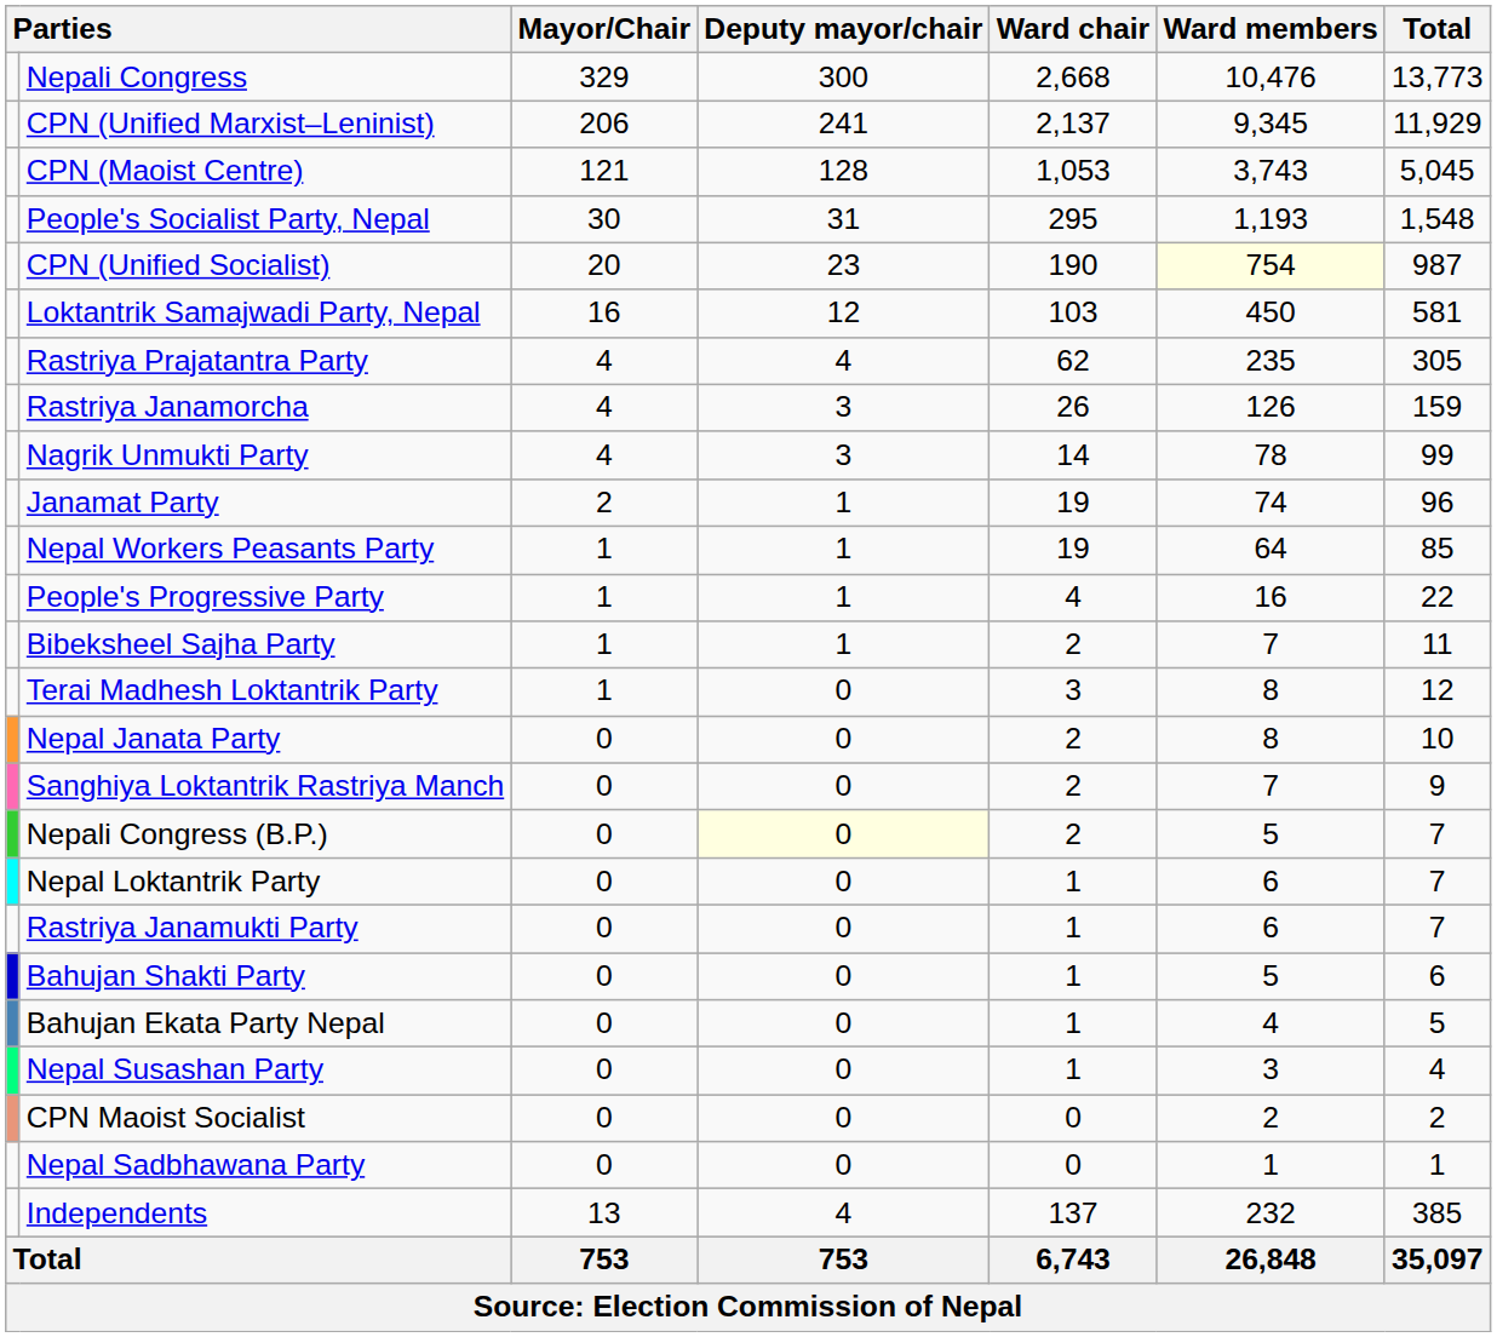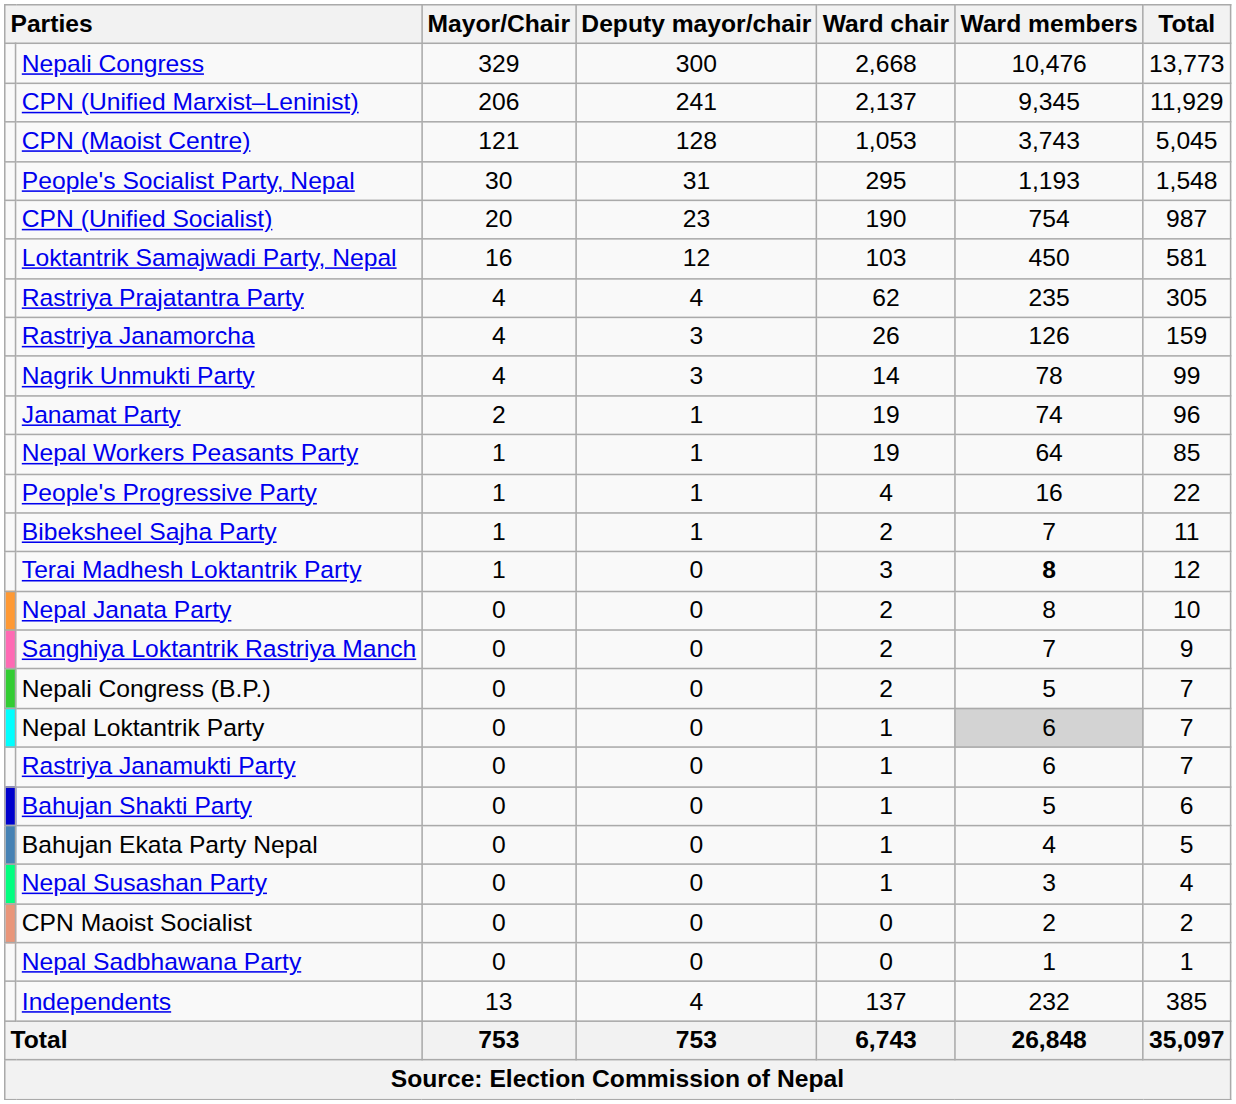 <table class="wikitable sortable" style="text-align:right">
 <tr>
 <th colspan="2" style="text-align:left;">Parties</th>
 <th>Mayor/Chair</th>
 <th>Deputy mayor/chair</th>
 <th>Ward chair</th>
 <th>Ward members</th>
 <th>Total</th>
 </tr>
 <tr>
 <td style="background-color:"></td>
 <td style="text-align:left;"><a href='#'>Nepali Congress</a></td>
 <td style="text-align:center;">329</td>
 <td style="text-align:center;">300</td>
 <td style="text-align:center;">2,668</td>
 <td style="text-align:center;">10,476</td>
 <td style="text-align:center;">13,773</td>
 </tr>
 <tr>
 <td style="background-color:"></td>
 <td style="text-align:left;"><a href='#'>CPN (Unified Marxist–Leninist)</a></td>
 <td style="text-align:center;">206</td>
 <td style="text-align:center;">241</td>
 <td style="text-align:center;">2,137</td>
 <td style="text-align:center;">9,345</td>
 <td style="text-align:center;">11,929</td>
 </tr>
 <tr>
 <td style="background-color:"></td>
 <td style="text-align:left;"><a href='#'>CPN (Maoist Centre)</a></td>
 <td style="text-align:center;">121</td>
 <td style="text-align:center;">128</td>
 <td style="text-align:center;">1,053</td>
 <td style="text-align:center;">3,743</td>
 <td style="text-align:center;">5,045</td>
 </tr>
 <tr>
 <td></td>
 <td style="text-align:left;"><a href='#'>People's Socialist Party, Nepal</a></td>
 <td style="text-align:center;">30</td>
 <td style="text-align:center;">31</td>
 <td style="text-align:center;">295</td>
 <td style="text-align:center;">1,193</td>
 <td style="text-align:center;">1,548</td>
 </tr>
 <tr>
 <td style="background-color:"></td>
 <td style="text-align:left;"><a href='#'>CPN (Unified Socialist)</a></td>
 <td style="text-align:center;">20</td>
 <td style="text-align:center;">23</td>
 <td style="text-align:center;">190</td>
-<td style="background: lightyellow; text-align:center;">754</td>
+<td style="text-align:center;">754</td>
 <td style="text-align:center;">987</td>
 </tr>
 <tr>
 <td></td>
 <td style="text-align:left;"><a href='#'>Loktantrik Samajwadi Party, Nepal</a></td>
 <td style="text-align:center;">16</td>
 <td style="text-align:center;">12</td>
 <td style="text-align:center;">103</td>
 <td style="text-align:center;">450</td>
 <td style="text-align:center;">581</td>
 </tr>
 <tr>
 <td style="background-color:"></td>
 <td style="text-align:left;"><a href='#'>Rastriya Prajatantra Party</a></td>
 <td style="text-align:center;">4</td>
 <td style="text-align:center;">4</td>
 <td style="text-align:center;">62</td>
 <td style="text-align:center;">235</td>
 <td style="text-align:center;">305</td>
 </tr>
 <tr>
 <td></td>
 <td style="text-align:left;"><a href='#'>Rastriya Janamorcha</a></td>
 <td style="text-align:center;">4</td>
 <td style="text-align:center;">3</td>
 <td style="text-align:center;">26</td>
 <td style="text-align:center;">126</td>
 <td style="text-align:center;">159</td>
 </tr>
 <tr>
 <td style="background-color:"></td>
 <td style="text-align:left;"><a href='#'>Nagrik Unmukti Party</a></td>
 <td style="text-align:center;">4</td>
 <td style="text-align:center;">3</td>
 <td style="text-align:center;">14</td>
 <td style="text-align:center;">78</td>
 <td style="text-align:center;">99</td>
 </tr>
 <tr>
 <td style="background-color:"></td>
 <td style="text-align:left;"><a href='#'>Janamat Party</a></td>
 <td style="text-align:center;">2</td>
 <td style="text-align:center;">1</td>
 <td style="text-align:center;">19</td>
 <td style="text-align:center;">74</td>
 <td style="text-align:center;">96</td>
 </tr>
 <tr>
 <td style="background-color:"></td>
 <td style="text-align:left;"><a href='#'>Nepal Workers Peasants Party</a></td>
 <td style="text-align:center;">1</td>
 <td style="text-align:center;">1</td>
 <td style="text-align:center;">19</td>
 <td style="text-align:center;">64</td>
 <td style="text-align:center;">85</td>
 </tr>
 <tr>
 <td></td>
 <td style="text-align:left;"><a href='#'>People's Progressive Party</a></td>
 <td style="text-align:center;">1</td>
 <td style="text-align:center;">1</td>
 <td style="text-align:center;">4</td>
 <td style="text-align:center;">16</td>
 <td style="text-align:center;">22</td>
 </tr>
 <tr>
 <td style="background-color:"></td>
 <td style="text-align:left;"><a href='#'>Bibeksheel Sajha Party</a></td>
 <td style="text-align:center;">1</td>
 <td style="text-align:center;">1</td>
 <td style="text-align:center;">2</td>
 <td style="text-align:center;">7</td>
 <td style="text-align:center;">11</td>
 </tr>
 <tr>
 <td></td>
 <td style="text-align:left;"><a href='#'>Terai Madhesh Loktantrik Party</a></td>
 <td style="text-align:center;">1</td>
 <td style="text-align:center;">0</td>
 <td style="text-align:center;">3</td>
-<td style="text-align:center;">8</td>
+<td style="text-align:center;"><strong>8</strong></td>
 <td style="text-align:center;">12</td>
 </tr>
 <tr>
 <td style="background-color:#ff9933"></td>
 <td style="text-align:left;"><a href='#'>Nepal Janata Party</a></td>
 <td style="text-align:center;">0</td>
 <td style="text-align:center;">0</td>
 <td style="text-align:center;">2</td>
 <td style="text-align:center;">8</td>
 <td style="text-align:center;">10</td>
 </tr>
 <tr>
 <td style="background-color:hotpink"></td>
 <td style="text-align:left;"><a href='#'>Sanghiya Loktantrik Rastriya Manch</a></td>
 <td style="text-align:center;">0</td>
 <td style="text-align:center;">0</td>
 <td style="text-align:center;">2</td>
 <td style="text-align:center;">7</td>
 <td style="text-align:center;">9</td>
 </tr>
 <tr>
 <td style="background-color:limegreen"></td>
 <td style="text-align:left;">Nepali Congress (B.P.)</td>
 <td style="text-align:center;">0</td>
-<td style="background: lightyellow; text-align:center;">0</td>
+<td style="text-align:center;">0</td>
 <td style="text-align:center;">2</td>
 <td style="text-align:center;">5</td>
 <td style="text-align:center;">7</td>
 </tr>
 <tr>
 <td style="background-color:cyan"></td>
 <td style="text-align:left;">Nepal Loktantrik Party</td>
 <td style="text-align:center;">0</td>
 <td style="text-align:center;">0</td>
 <td style="text-align:center;">1</td>
-<td style="text-align:center;">6</td>
+<td style="background: lightgrey; text-align:center;">6</td>
 <td style="text-align:center;">7</td>
 </tr>
 <tr>
 <td></td>
 <td style="text-align:left;"><a href='#'>Rastriya Janamukti Party</a></td>
 <td style="text-align:center;">0</td>
 <td style="text-align:center;">0</td>
 <td style="text-align:center;">1</td>
 <td style="text-align:center;">6</td>
 <td style="text-align:center;">7</td>
 </tr>
 <tr>
 <td style="background-color:mediumblue"></td>
 <td style="text-align:left;"><a href='#'>Bahujan Shakti Party</a></td>
 <td style="text-align:center;">0</td>
 <td style="text-align:center;">0</td>
 <td style="text-align:center;">1</td>
 <td style="text-align:center;">5</td>
 <td style="text-align:center;">6</td>
 </tr>
 <tr>
 <td style="background-color:steelblue"></td>
 <td style="text-align:left;">Bahujan Ekata Party Nepal</td>
 <td style="text-align:center;">0</td>
 <td style="text-align:center;">0</td>
 <td style="text-align:center;">1</td>
 <td style="text-align:center;">4</td>
 <td style="text-align:center;">5</td>
 </tr>
 <tr>
 <td style="background-color:#00ff7f"></td>
 <td style="text-align:left;"><a href='#'>Nepal Susashan Party</a></td>
 <td style="text-align:center;">0</td>
 <td style="text-align:center;">0</td>
 <td style="text-align:center;">1</td>
 <td style="text-align:center;">3</td>
 <td style="text-align:center;">4</td>
 </tr>
 <tr>
 <td style="background-color:darksalmon"></td>
 <td style="text-align:left;">CPN Maoist Socialist</td>
 <td style="text-align:center;">0</td>
 <td style="text-align:center;">0</td>
 <td style="text-align:center;">0</td>
 <td style="text-align:center;">2</td>
 <td style="text-align:center;">2</td>
 </tr>
 <tr>
 <td style="background-color:"></td>
 <td style="text-align:left;"><a href='#'>Nepal Sadbhawana Party</a></td>
 <td style="text-align:center;">0</td>
 <td style="text-align:center;">0</td>
 <td style="text-align:center;">0</td>
 <td style="text-align:center;">1</td>
 <td style="text-align:center;">1</td>
 </tr>
 <tr>
 <td style="background-color:"></td>
 <td style="text-align:left;"><a href='#'>Independents</a></td>
 <td style="text-align:center;">13</td>
 <td style="text-align:center;">4</td>
 <td style="text-align:center;">137</td>
 <td style="text-align:center;">232</td>
 <td style="text-align:center;">385</td>
 </tr>
 <tr>
 <th colspan="2" style="text-align:left;">Total</th>
 <th>753</th>
 <th>753</th>
 <th>6,743</th>
 <th>26,848</th>
 <th>35,097</th>
 </tr>
 <tr>
 <th colspan="7">Source: Election Commission of Nepal</th>
 </tr>
 </table>
